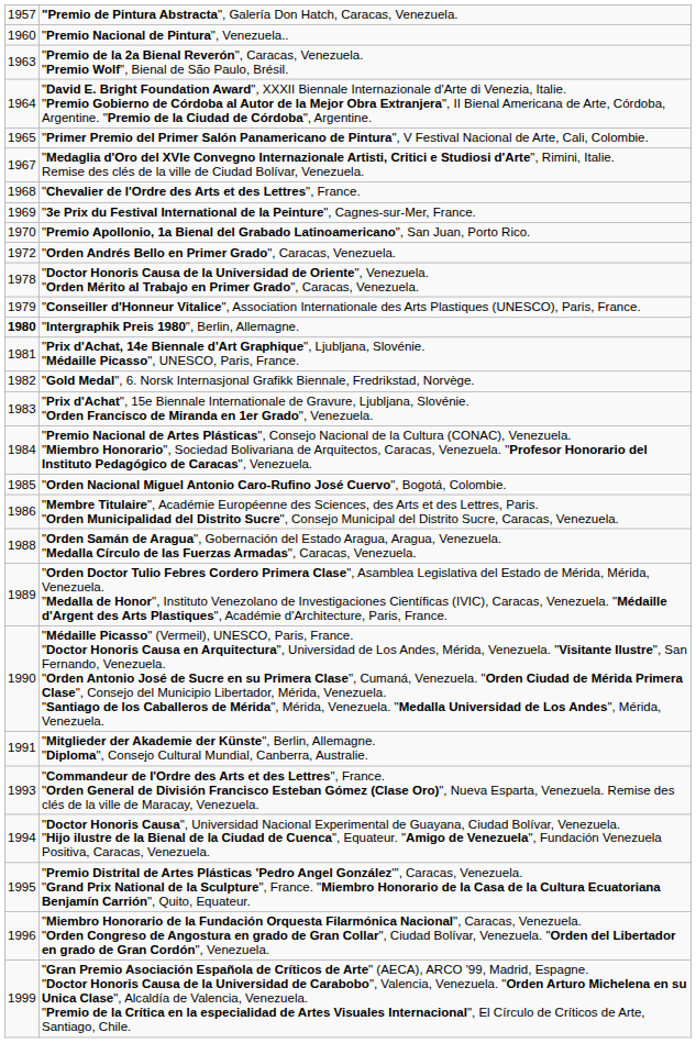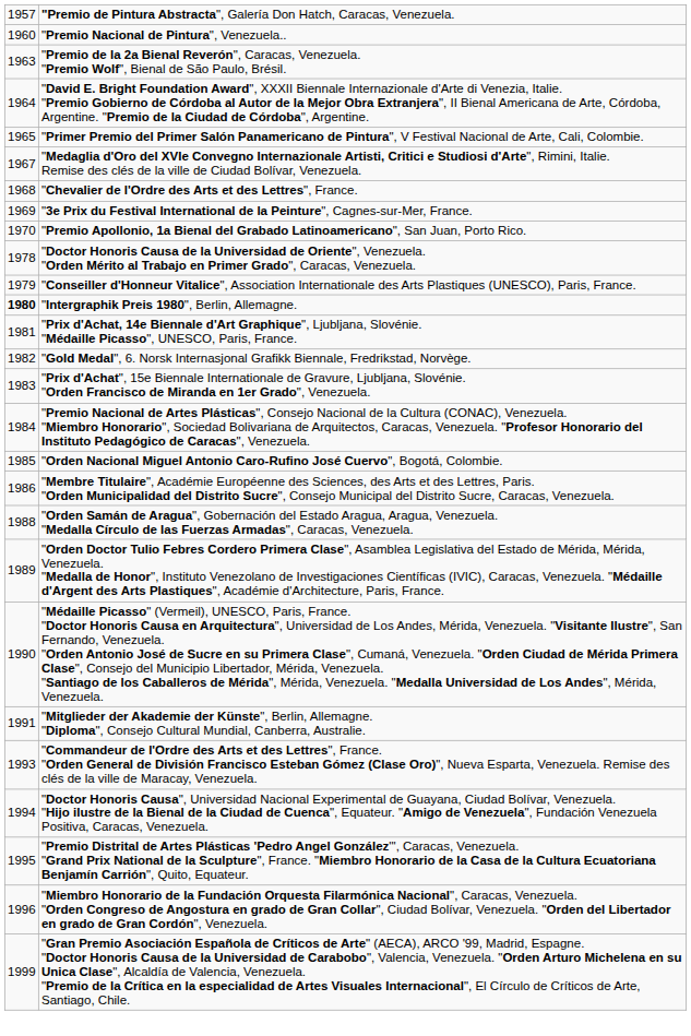 <table class="wikitable mw-collapsible mw-collapsed">
 <tr>
 <td>1957<strong><span></span></strong></td>
 <td><strong>"Premio de Pintura Abstracta</strong>", Galería Don Hatch, Caracas, Venezuela.</td>
 </tr>
 <tr>
 <td>1960</td>
 <td><strong><span></span></strong>"<strong>Premio Nacional de Pintura</strong>", Venezuela..</td>
 </tr>
 <tr>
 <td>1963</td>
 <td>"<strong>Premio de la 2a Bienal Reverón</strong>", Caracas, Venezuela.<br>"<strong>Premio Wolf</strong>", Bienal de São Paulo, Brésil.</td>
 </tr>
 <tr>
 <td>1964</td>
 <td><strong><span></span></strong>"<strong>David E. Bright Foundation Award</strong>", XXXII Biennale Internazionale d'Arte di Venezia, Italie.<br><strong><span></span></strong>"<strong>Premio Gobierno de Córdoba al Autor de la Mejor Obra Extranjera</strong>", II Bienal Americana de Arte, Córdoba, Argentine. <strong><span></span></strong>"<strong>Premio de la Ciudad de Córdoba</strong>", Argentine.</td>
 </tr>
 <tr>
 <td>1965</td>
 <td>"<strong>Primer Premio del Primer Salón Panamericano de Pintura</strong>", V Festival Nacional de Arte, Cali, Colombie.</td>
 </tr>
 <tr>
 <td>1967</td>
 <td>"<strong>Medaglia d'Oro del XVIe Convegno Internazionale Artisti, Critici e Studiosi d'Arte</strong>", Rimini, Italie.<br>Remise des clés de la ville de Ciudad Bolívar, Venezuela.</td>
 </tr>
 <tr>
 <td>1968</td>
 <td>"<strong>Chevalier de l'Ordre des Arts et des Lettres</strong>", France.</td>
 </tr>
 <tr>
 <td>1969</td>
 <td>"<strong>3e Prix du Festival International de la Peinture</strong>", Cagnes-sur-Mer, France.</td>
 </tr>
 <tr>
 <td>1970</td>
 <td>"<strong>Premio Apollonio, 1a Bienal del Grabado Latinoamericano</strong>", San Juan, Porto Rico.</td>
-</tr>
-<tr>
-<td>1972</td>
-<td>"<strong>Orden Andrés Bello en Primer Grado</strong>", Caracas, Venezuela.</td>
 </tr>
 <tr>
 <td>1978</td>
 <td>"<strong>Doctor Honoris Causa de la Universidad de Oriente</strong>", Venezuela.<br>"<strong>Orden Mérito al Trabajo en Primer Grado</strong>", Caracas, Venezuela.</td>
 </tr>
 <tr>
 <td>1979</td>
 <td>"<strong>Conseiller d'Honneur Vitalice</strong>", Association Internationale des Arts Plastiques (UNESCO), Paris, France.</td>
 </tr>
 <tr>
 <td><strong>1980</strong></td>
 <td>"<strong>Intergraphik Preis 1980</strong>", Berlin, Allemagne.</td>
 </tr>
 <tr>
 <td>1981</td>
 <td>"<strong>Prix d'Achat, 14e Biennale d'Art Graphique</strong>", Ljubljana, Slovénie.<br>"<strong>Médaille Picasso</strong>", UNESCO, Paris, France.</td>
 </tr>
 <tr>
 <td>1982</td>
 <td>"<strong>Gold Medal</strong>", 6. Norsk Internasjonal Grafikk Biennale, Fredrikstad, Norvège.</td>
 </tr>
 <tr>
 <td>1983</td>
 <td>"<strong>Prix d'Achat</strong>", 15e Biennale Internationale de Gravure, Ljubljana, Slovénie.<br>"<strong>Orden Francisco de Miranda en 1er Grado</strong>", Venezuela.</td>
 </tr>
 <tr>
 <td>1984</td>
 <td>"<strong>Premio Nacional de Artes Plásticas</strong>", Consejo Nacional de la Cultura (CONAC), Venezuela.<br>"<strong>Miembro Honorario</strong>", Sociedad Bolivariana de Arquitectos, Caracas, Venezuela. "<strong>Profesor Honorario del Instituto Pedagógico de Caracas</strong>", Venezuela.</td>
 </tr>
 <tr>
 <td>1985</td>
 <td>"<strong>Orden Nacional Miguel Antonio Caro-Rufino José Cuervo</strong>", Bogotá, Colombie.</td>
 </tr>
 <tr>
 <td>1986</td>
 <td>"<strong>Membre Titulaire</strong>", Académie Européenne des Sciences, des Arts et des Lettres, Paris.<br>"<strong>Orden Municipalidad del Distrito Sucre</strong>", Consejo Municipal del Distrito Sucre, Caracas, Venezuela.</td>
 </tr>
 <tr>
 <td>1988</td>
 <td>"<strong>Orden Samán de Aragua</strong>", Gobernación del Estado Aragua, Aragua, Venezuela.<br>"<strong>Medalla Círculo de las Fuerzas Armadas</strong>", Caracas, Venezuela.</td>
 </tr>
 <tr>
 <td>1989</td>
 <td>"<strong>Orden Doctor Tulio Febres Cordero Primera Clase</strong>", Asamblea Legislativa del Estado de Mérida, Mérida, Venezuela.<br>"<strong>Medalla de Honor</strong>", Instituto Venezolano de Investigaciones Científicas (IVIC), Caracas, Venezuela. "<strong>Médaille d'Argent des Arts Plastiques</strong>", Académie d'Architecture, Paris, France.</td>
 </tr>
 <tr>
 <td>1990</td>
 <td>"<strong>Médaille Picasso</strong>" (Vermeil), UNESCO, Paris, France.<br>"<strong>Doctor Honoris Causa en Arquitectura</strong>", Universidad de Los Andes, Mérida, Venezuela. "<strong>Visitante Ilustre</strong>", San Fernando, Venezuela.<br>"<strong>Orden Antonio José de Sucre en su Primera Clase</strong>", Cumaná, Venezuela. "<strong>Orden Ciudad de Mérida Primera Clase</strong>", Consejo del Municipio Libertador, Mérida, Venezuela.<br>"<strong>Santiago de los Caballeros de Mérida</strong>", Mérida, Venezuela. "<strong>Medalla Universidad de Los Andes</strong>", Mérida, Venezuela.</td>
 </tr>
 <tr>
 <td>1991</td>
 <td>"<strong>Mitglieder der Akademie der Künste</strong>", Berlin, Allemagne.<br>"<strong>Diploma</strong>", Consejo Cultural Mundial, Canberra, Australie.</td>
 </tr>
 <tr>
 <td>1993</td>
 <td>"<strong>Commandeur de l'Ordre des Arts et des Lettres</strong>", France.<br>"<strong>Orden General de División Francisco Esteban Gómez (Clase Oro)</strong>", Nueva Esparta, Venezuela. Remise des clés de la ville de Maracay, Venezuela.</td>
 </tr>
 <tr>
 <td>1994</td>
 <td>"<strong>Doctor Honoris Causa</strong>", Universidad Nacional Experimental de Guayana, Ciudad Bolívar, Venezuela.<br>"<strong>Hijo ilustre de la Bienal de la Ciudad de Cuenca</strong>", Equateur. "<strong>Amigo de Venezuela</strong>", Fundación Venezuela Positiva, Caracas, Venezuela.</td>
 </tr>
 <tr>
 <td>1995</td>
 <td>"<strong>Premio Distrital de Artes Plásticas 'Pedro Angel González</strong>'", Caracas, Venezuela.<br>"<strong>Grand Prix National de la Sculpture</strong>", France. "<strong>Miembro Honorario de la Casa de la Cultura Ecuatoriana Benjamín Carrión</strong>", Quito, Equateur.</td>
 </tr>
 <tr>
 <td>1996</td>
 <td>"<strong>Miembro Honorario de la Fundación Orquesta Filarmónica Nacional</strong>", Caracas, Venezuela.<br>"<strong>Orden Congreso de Angostura en grado de Gran Collar</strong>", Ciudad Bolívar, Venezuela. "<strong>Orden del Libertador en grado de Gran Cordón</strong>", Venezuela.</td>
 </tr>
 <tr>
 <td>1999</td>
 <td>"<strong>Gran Premio Asociación Española de Críticos de Arte</strong>" (AECA), ARCO '99, Madrid, Espagne.<br>"<strong>Doctor Honoris Causa de la Universidad de Carabobo</strong>", Valencia, Venezuela. "<strong>Orden Arturo Michelena en su Unica Clase</strong>", Alcaldía de Valencia, Venezuela.<br>"<strong>Premio de la Crítica en la especialidad de Artes Visuales Internacional</strong>", El Círculo de Críticos de Arte, Santiago, Chile.</td>
 </tr>
 </table>
